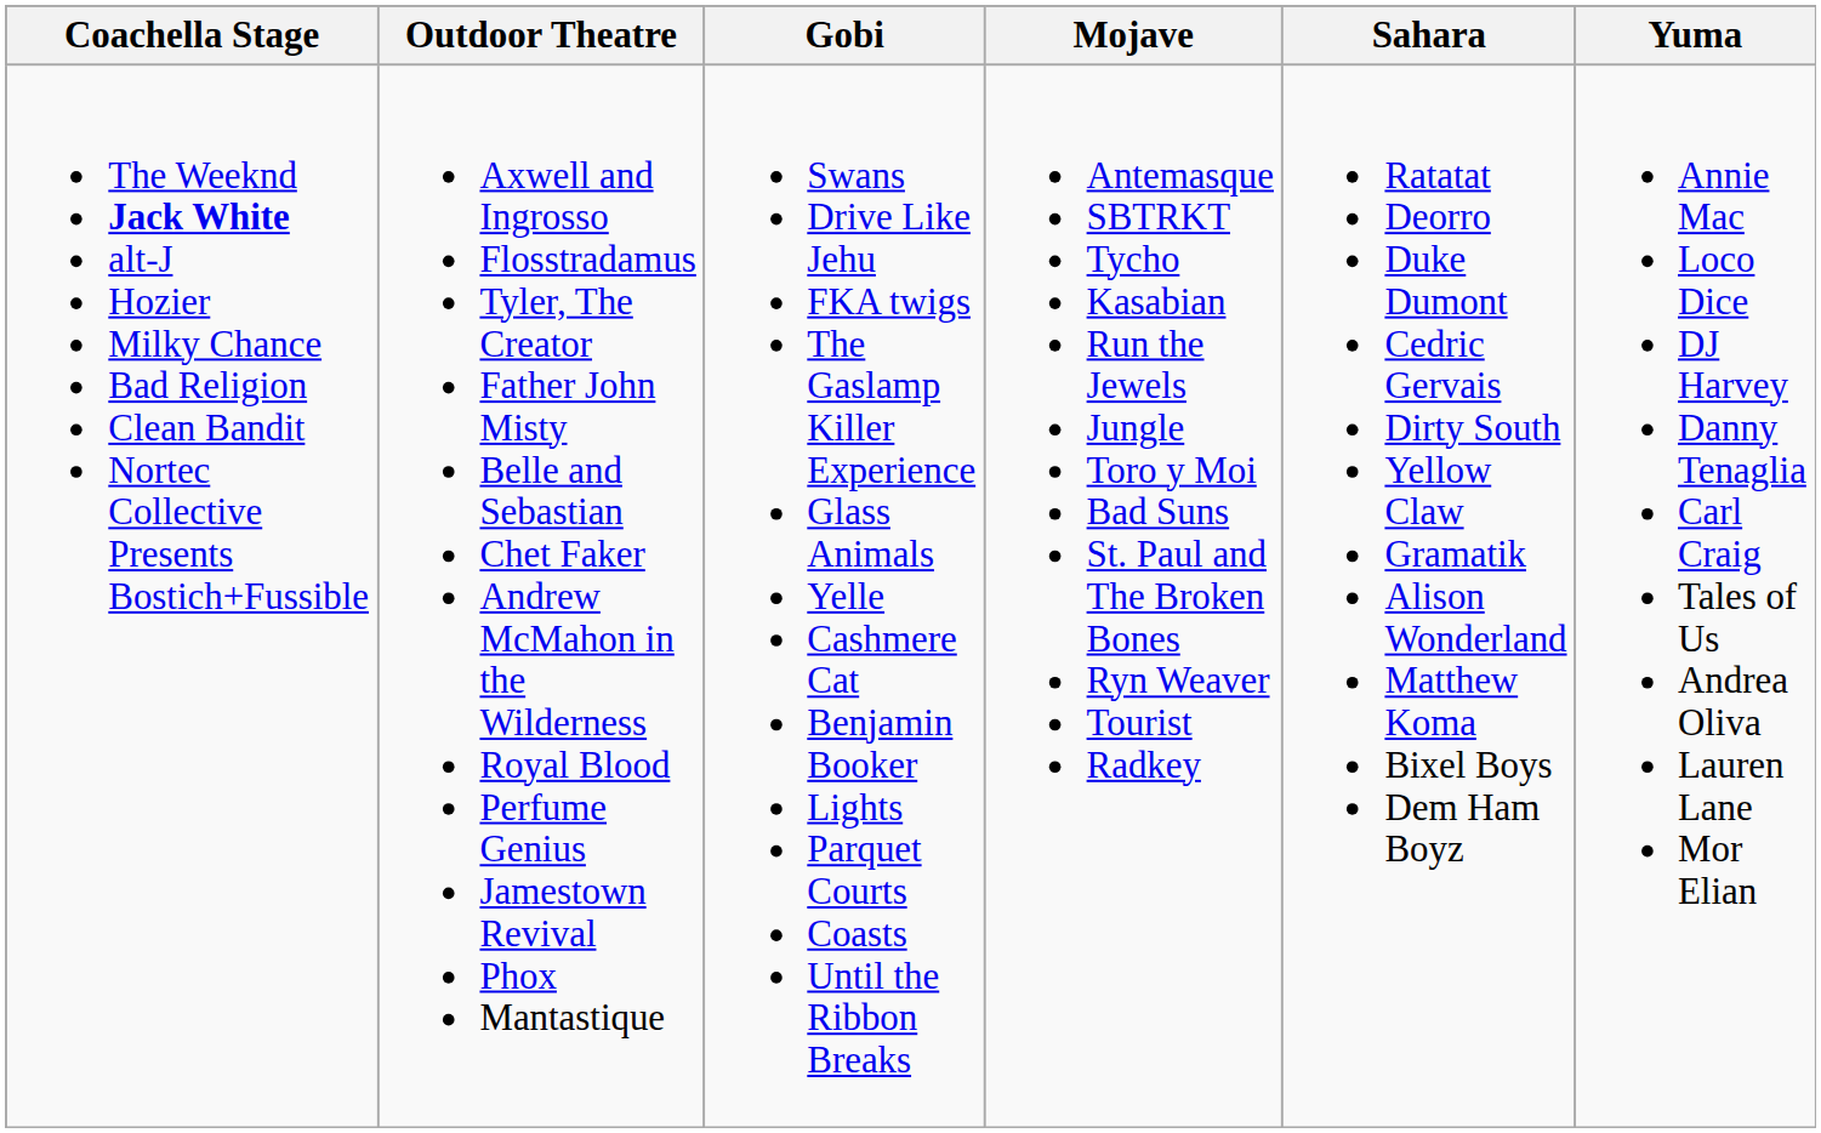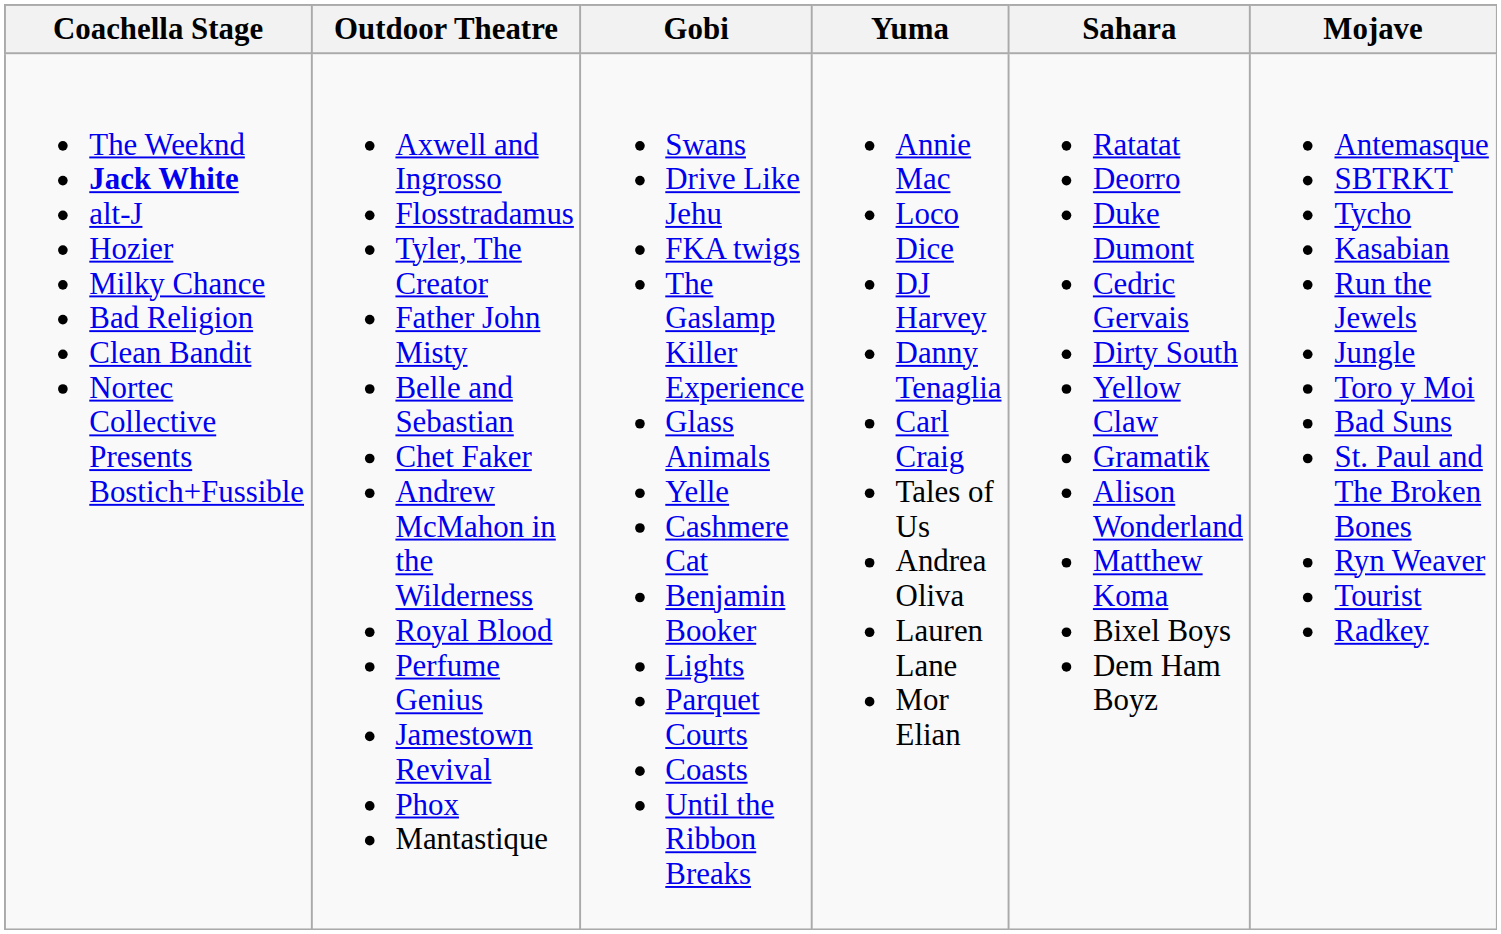 <table class="wikitable">
 <tr>
 <th>Coachella Stage</th>
 <th>Outdoor Theatre</th>
 <th>Gobi</th>
+<th>Yuma</th>
+<th>Sahara</th>
 <th>Mojave</th>
-<th>Sahara</th>
-<th>Yuma</th>
 </tr>
 <tr valign="top">
 <td><br><ul><li><a href='#'>The Weeknd</a></li><li><strong><a href='#'>Jack White</a></strong></li><li><a href='#'>alt-J</a></li><li><a href='#'>Hozier</a></li><li><a href='#'>Milky Chance</a></li><li><a href='#'>Bad Religion</a></li><li><a href='#'>Clean Bandit</a></li><li><a href='#'>Nortec Collective Presents Bostich+Fussible</a></li></ul></td>
 <td><br><ul><li><a href='#'>Axwell and Ingrosso</a></li><li><a href='#'>Flosstradamus</a></li><li><a href='#'>Tyler, The Creator</a></li><li><a href='#'>Father John Misty</a></li><li><a href='#'>Belle and Sebastian</a></li><li><a href='#'>Chet Faker</a></li><li><a href='#'>Andrew McMahon in the Wilderness</a></li><li><a href='#'>Royal Blood</a></li><li><a href='#'>Perfume Genius</a></li><li><a href='#'>Jamestown Revival</a></li><li><a href='#'>Phox</a></li><li>Mantastique</li></ul></td>
 <td><br><ul><li><a href='#'>Swans</a></li><li><a href='#'>Drive Like Jehu</a></li><li><a href='#'>FKA twigs</a></li><li><a href='#'>The Gaslamp Killer Experience</a></li><li><a href='#'>Glass Animals</a></li><li><a href='#'>Yelle</a></li><li><a href='#'>Cashmere Cat</a></li><li><a href='#'>Benjamin Booker</a></li><li><a href='#'>Lights</a></li><li><a href='#'>Parquet Courts</a></li><li><a href='#'>Coasts</a></li><li><a href='#'>Until the Ribbon Breaks</a></li></ul></td>
+<td><br><ul><li><a href='#'>Annie Mac</a></li><li><a href='#'>Loco Dice</a></li><li><a href='#'>DJ Harvey</a></li><li><a href='#'>Danny Tenaglia</a></li><li><a href='#'>Carl Craig</a></li><li>Tales of Us</li><li>Andrea Oliva</li><li>Lauren Lane</li><li>Mor Elian</li></ul></td>
+<td><br><ul><li><a href='#'>Ratatat</a></li><li><a href='#'>Deorro</a></li><li><a href='#'>Duke Dumont</a></li><li><a href='#'>Cedric Gervais</a></li><li><a href='#'>Dirty South</a></li><li><a href='#'>Yellow Claw</a></li><li><a href='#'>Gramatik</a></li><li><a href='#'>Alison Wonderland</a></li><li><a href='#'>Matthew Koma</a></li><li>Bixel Boys</li><li>Dem Ham Boyz</li></ul></td>
 <td><br><ul><li><a href='#'>Antemasque</a></li><li><a href='#'>SBTRKT</a></li><li><a href='#'>Tycho</a></li><li><a href='#'>Kasabian</a></li><li><a href='#'>Run the Jewels</a></li><li><a href='#'>Jungle</a></li><li><a href='#'>Toro y Moi</a></li><li><a href='#'>Bad Suns</a></li><li><a href='#'>St. Paul and The Broken Bones</a></li><li><a href='#'>Ryn Weaver</a></li><li><a href='#'>Tourist</a></li><li><a href='#'>Radkey</a></li></ul></td>
-<td><br><ul><li><a href='#'>Ratatat</a></li><li><a href='#'>Deorro</a></li><li><a href='#'>Duke Dumont</a></li><li><a href='#'>Cedric Gervais</a></li><li><a href='#'>Dirty South</a></li><li><a href='#'>Yellow Claw</a></li><li><a href='#'>Gramatik</a></li><li><a href='#'>Alison Wonderland</a></li><li><a href='#'>Matthew Koma</a></li><li>Bixel Boys</li><li>Dem Ham Boyz</li></ul></td>
-<td><br><ul><li><a href='#'>Annie Mac</a></li><li><a href='#'>Loco Dice</a></li><li><a href='#'>DJ Harvey</a></li><li><a href='#'>Danny Tenaglia</a></li><li><a href='#'>Carl Craig</a></li><li>Tales of Us</li><li>Andrea Oliva</li><li>Lauren Lane</li><li>Mor Elian</li></ul></td>
 </tr>
 </table>
